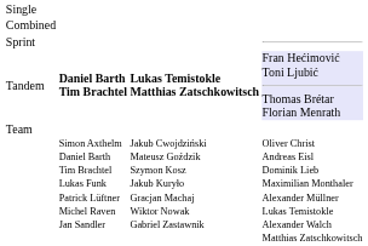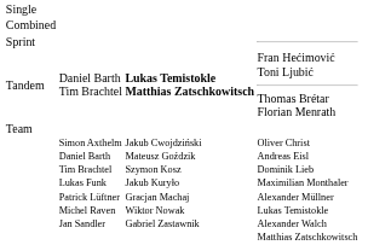 <table>
 <tr>
 <td>Single<br></td>
 <td></td>
 <td></td>
 <td></td>
 </tr>
 <tr>
 <td>Combined<br></td>
 <td></td>
 <td></td>
 <td></td>
 </tr>
 <tr>
 <td>Sprint<br></td>
 <td></td>
 <td></td>
 <td><hr></td>
 </tr>
 <tr>
 <td>Tandem<br></td>
-<td><strong>Daniel Barth<br>Tim Brachtel<br></strong></td>
+<td>Daniel Barth<br>Tim Brachtel<br></td>
 <td><strong>Lukas Temistokle<br>Matthias Zatschkowitsch<br></strong></td>
-<td style="background: lavender;">Fran Hećimović<br>Toni Ljubić<br><hr>Thomas Brétar<br>Florian Menrath<br></td>
+<td>Fran Hećimović<br>Toni Ljubić<br><hr>Thomas Brétar<br>Florian Menrath<br></td>
 </tr>
 <tr valign="top">
 <td>Team<br></td>
 <td><br><small>Simon Axthelm<br>Daniel Barth<br>Tim Brachtel<br>Lukas Funk<br>Patrick Lüftner<br>Michel Raven<br>Jan Sandler</small></td>
 <td><br><small>Jakub Cwojdziński<br>Mateusz Goździk<br>Szymon Kosz<br>Jakub Kuryło<br>Gracjan Machaj<br>Wiktor Nowak<br>Gabriel Zastawnik</small></td>
 <td><br><small>Oliver Christ<br>Andreas Eisl<br>Dominik Lieb<br>Maximilian Monthaler<br>Alexander Müllner<br>Lukas Temistokle<br>Alexander Walch<br>Matthias Zatschkowitsch</small></td>
 </tr>
 </table>
